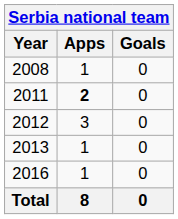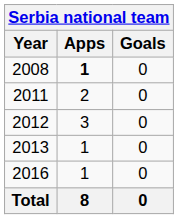 <table class="wikitable" style="text-align:center">
 <tr>
 <th colspan=3><a href='#'>Serbia national team</a></th>
 </tr>
 <tr>
 <th>Year</th>
 <th>Apps</th>
 <th>Goals</th>
 </tr>
 <tr>
 <td>2008</td>
-<td>1</td>
+<td><strong>1</strong></td>
 <td>0</td>
 </tr>
 <tr>
 <td>2011</td>
-<td><strong>2</strong></td>
+<td>2</td>
 <td>0</td>
 </tr>
 <tr>
 <td>2012</td>
 <td>3</td>
 <td>0</td>
 </tr>
 <tr>
 <td>2013</td>
 <td>1</td>
 <td>0</td>
 </tr>
 <tr>
 <td>2016</td>
 <td>1</td>
 <td>0</td>
 </tr>
 <tr>
 <th>Total</th>
 <th>8</th>
 <th>0</th>
 </tr>
 </table>
